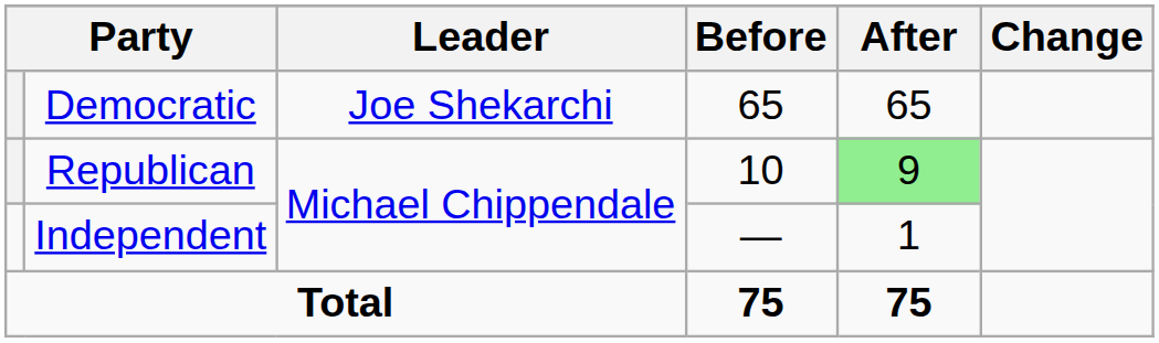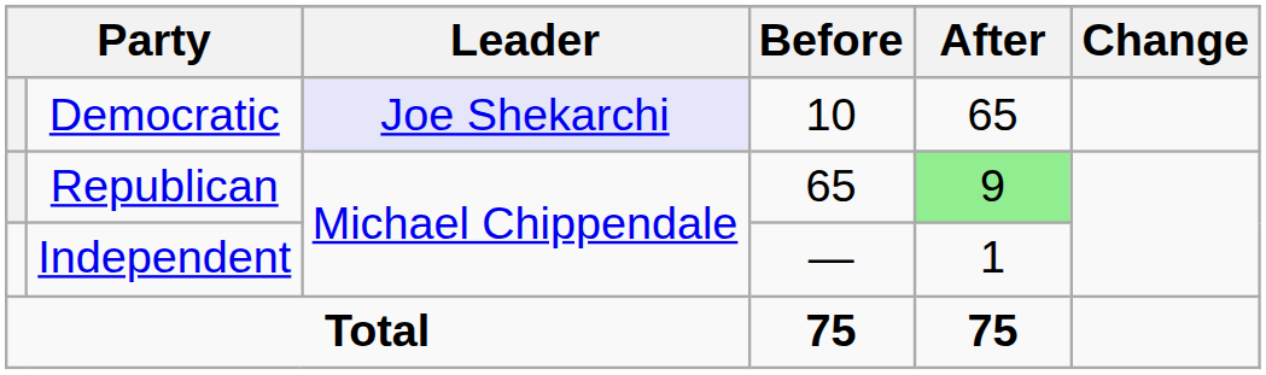 <table class="wikitable" style="text-align:center;">
 <tr>
 </tr>
 <tr>
 <th colspan=2>Party</th>
 <th>Leader</th>
 <th style="width:3em">Before</th>
 <th style="width:3em">After</th>
 <th style="width:3em">Change</th>
 </tr>
 <tr>
 <th style="background-color:"></th>
 <td><a href='#'>Democratic</a></td>
-<td><a href='#'>Joe Shekarchi</a></td>
-<td>65</td>
+<td style="background: lavender;"><a href='#'>Joe Shekarchi</a></td>
+<td>10</td>
 <td>65</td>
 <td></td>
 </tr>
 <tr>
 <th style="background-color:"></th>
 <td><a href='#'>Republican</a></td>
 <td rowspan=2><a href='#'>Michael Chippendale</a></td>
-<td>10</td>
+<td>65</td>
 <td style="background: lightgreen;">9</td>
 <td rowspan=2></td>
 </tr>
 <tr>
 <td style="background-color:"></td>
 <td><a href='#'>Independent</a></td>
 <td>—</td>
 <td>1</td>
 </tr>
 <tr>
 <td colspan=3><strong>Total</strong></td>
 <td><strong>75</strong></td>
 <td><strong>75</strong></td>
 <td></td>
 </tr>
 </table>
